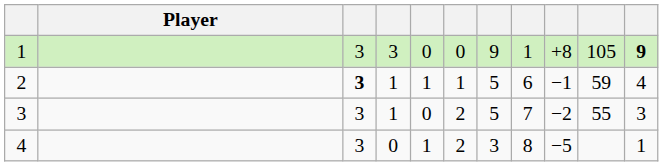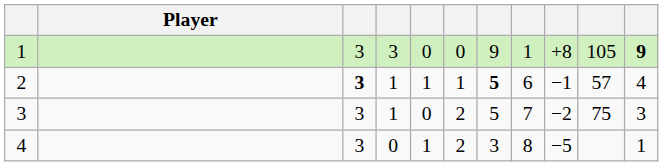 <table class="wikitable" style="text-align:center; margin: 1em auto 1em auto, align:left">
 <tr>
 <th width=20></th>
 <th width=240>Player</th>
 <th width=20></th>
 <th width=20></th>
 <th width=20></th>
 <th width=20></th>
 <th width=20></th>
 <th width=20></th>
 <th width=20></th>
 <th width=30></th>
 <th width=20></th>
 </tr>
 <tr style="background:#D0F0C0;">
 <td>1</td>
 <td align=left></td>
 <td>3</td>
 <td>3</td>
 <td>0</td>
 <td>0</td>
 <td>9</td>
 <td>1</td>
 <td>+8</td>
 <td>105</td>
 <td><strong>9</strong></td>
 </tr>
 <tr style=>
 <td>2</td>
 <td align=left></td>
 <td><strong>3</strong></td>
 <td>1</td>
 <td>1</td>
 <td>1</td>
-<td>5</td>
+<td><strong>5</strong></td>
 <td>6</td>
 <td>−1</td>
-<td>59</td>
+<td>57</td>
 <td>4</td>
 </tr>
 <tr style=>
 <td>3</td>
 <td align=left></td>
 <td>3</td>
 <td>1</td>
 <td>0</td>
 <td>2</td>
 <td>5</td>
 <td>7</td>
 <td>−2</td>
-<td>55</td>
+<td>75</td>
 <td>3</td>
 </tr>
 <tr style=>
 <td>4</td>
 <td align=left></td>
 <td>3</td>
 <td>0</td>
 <td>1</td>
 <td>2</td>
 <td>3</td>
 <td>8</td>
 <td>−5</td>
 <td></td>
 <td>1</td>
 </tr>
 </table>
